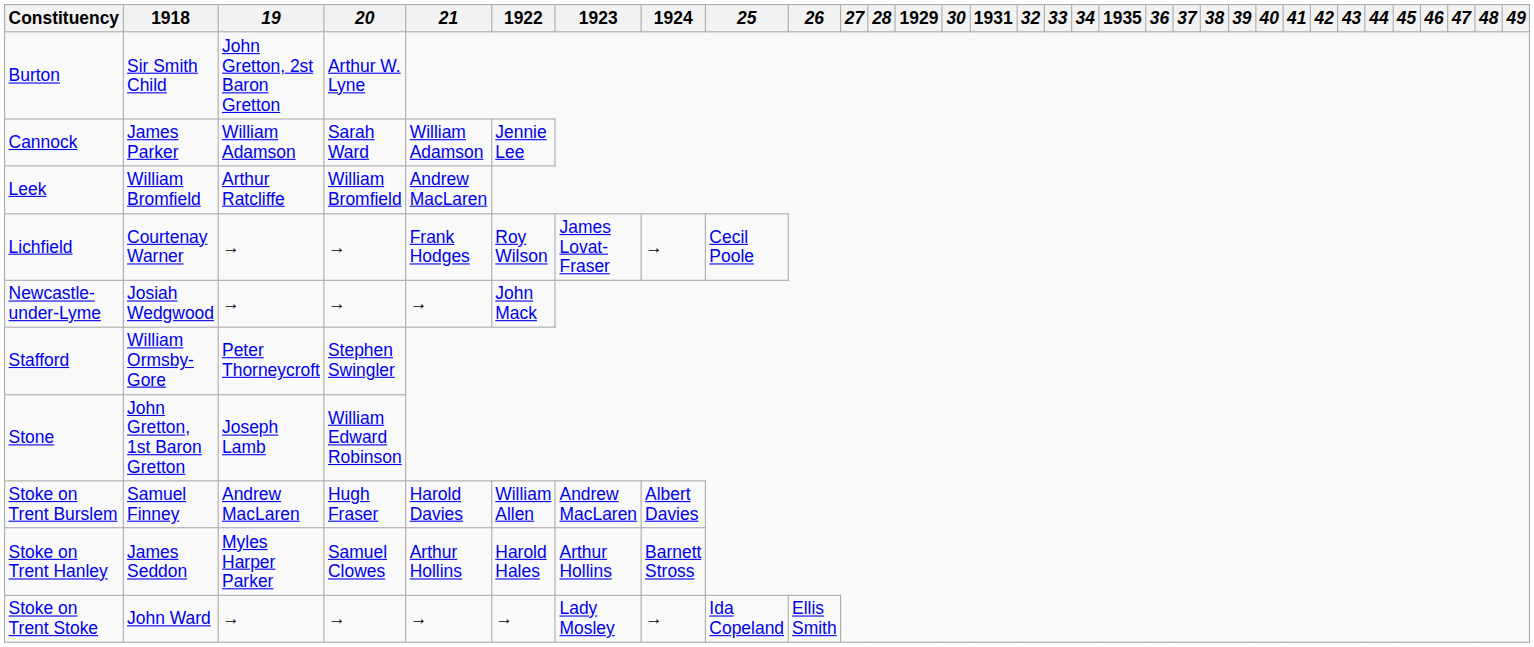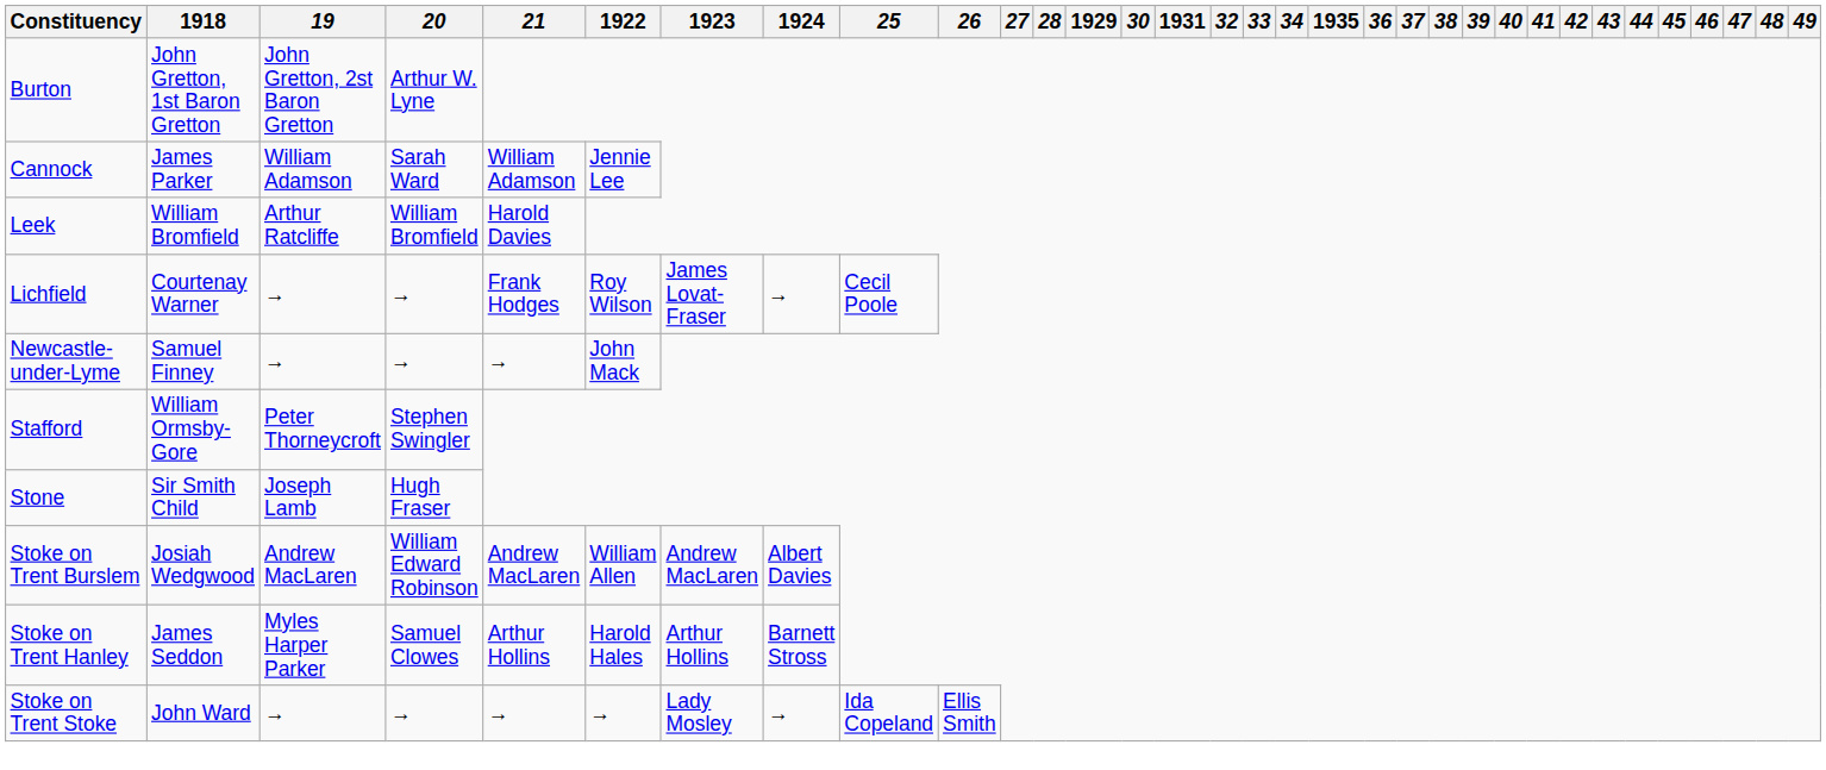 <table class="wikitable">
 <tr>
 <th>Constituency</th>
 <th>1918</th>
 <th><em>19</em></th>
 <th><em>20</em></th>
 <th><em>21</em></th>
 <th>1922</th>
 <th>1923</th>
 <th>1924</th>
 <th><em>25</em></th>
 <th><em>26</em></th>
 <th><em>27</em></th>
 <th><em>28</em></th>
 <th>1929</th>
 <th><em>30</em></th>
 <th>1931</th>
 <th><em>32</em></th>
 <th><em>33</em></th>
 <th><em>34</em></th>
 <th>1935</th>
 <th><em>36</em></th>
 <th><em>37</em></th>
 <th><em>38</em></th>
 <th><em>39</em></th>
 <th><em>40</em></th>
 <th><em>41</em></th>
 <th><em>42</em></th>
 <th><em>43</em></th>
 <th><em>44</em></th>
 <th><em>45</em></th>
 <th><em>46</em></th>
 <th><em>47</em></th>
 <th><em>48</em></th>
 <th><em>49</em></th>
 </tr>
 <tr>
 <td><a href='#'>Burton</a></td>
-<td><a href='#'>Sir Smith Child</a></td>
+<td><a href='#'>John Gretton, 1st Baron Gretton</a></td>
 <td><a href='#'>John Gretton, 2st Baron Gretton</a></td>
 <td><a href='#'>Arthur W. Lyne</a></td>
 </tr>
 <tr>
 <td><a href='#'>Cannock</a></td>
 <td><a href='#'>James Parker</a></td>
 <td><a href='#'>William Adamson</a></td>
 <td><a href='#'>Sarah Ward</a></td>
 <td><a href='#'>William Adamson</a></td>
 <td><a href='#'>Jennie Lee</a></td>
 </tr>
 <tr>
 <td><a href='#'>Leek</a></td>
 <td><a href='#'>William Bromfield</a></td>
 <td><a href='#'>Arthur Ratcliffe</a></td>
 <td><a href='#'>William Bromfield</a></td>
-<td><a href='#'>Andrew MacLaren</a></td>
+<td><a href='#'>Harold Davies</a></td>
 </tr>
 <tr>
 <td><a href='#'>Lichfield</a></td>
 <td><a href='#'>Courtenay Warner</a></td>
 <td>→</td>
 <td>→</td>
 <td><a href='#'>Frank Hodges</a></td>
 <td><a href='#'>Roy Wilson</a></td>
 <td><a href='#'>James Lovat-Fraser</a></td>
 <td>→</td>
 <td><a href='#'>Cecil Poole</a></td>
 </tr>
 <tr>
 <td><a href='#'>Newcastle-under-Lyme</a></td>
-<td><a href='#'>Josiah Wedgwood</a></td>
+<td><a href='#'>Samuel Finney</a></td>
 <td>→</td>
 <td>→</td>
 <td>→</td>
 <td><a href='#'>John Mack</a></td>
 </tr>
 <tr>
 <td><a href='#'>Stafford</a></td>
 <td><a href='#'>William Ormsby-Gore</a></td>
 <td><a href='#'>Peter Thorneycroft</a></td>
 <td><a href='#'>Stephen Swingler</a></td>
 </tr>
 <tr>
 <td><a href='#'>Stone</a></td>
-<td><a href='#'>John Gretton, 1st Baron Gretton</a></td>
+<td><a href='#'>Sir Smith Child</a></td>
 <td><a href='#'>Joseph Lamb</a></td>
-<td><a href='#'>William Edward Robinson</a></td>
+<td><a href='#'>Hugh Fraser</a></td>
 </tr>
 <tr>
 <td><a href='#'>Stoke on Trent Burslem</a></td>
-<td><a href='#'>Samuel Finney</a></td>
+<td><a href='#'>Josiah Wedgwood</a></td>
 <td><a href='#'>Andrew MacLaren</a></td>
-<td><a href='#'>Hugh Fraser</a></td>
-<td><a href='#'>Harold Davies</a></td>
+<td><a href='#'>William Edward Robinson</a></td>
+<td><a href='#'>Andrew MacLaren</a></td>
 <td><a href='#'>William Allen</a></td>
 <td><a href='#'>Andrew MacLaren</a></td>
 <td><a href='#'>Albert Davies</a></td>
 </tr>
 <tr>
 <td><a href='#'>Stoke on Trent Hanley</a></td>
 <td><a href='#'>James Seddon</a></td>
 <td><a href='#'>Myles Harper Parker</a></td>
 <td><a href='#'>Samuel Clowes</a></td>
 <td><a href='#'>Arthur Hollins</a></td>
 <td><a href='#'>Harold Hales</a></td>
 <td><a href='#'>Arthur Hollins</a></td>
 <td><a href='#'>Barnett Stross</a></td>
 </tr>
 <tr>
 <td><a href='#'>Stoke on Trent Stoke</a></td>
 <td><a href='#'>John Ward</a></td>
 <td>→</td>
 <td>→</td>
 <td>→</td>
 <td>→</td>
 <td><a href='#'>Lady Mosley</a></td>
 <td>→</td>
 <td><a href='#'>Ida Copeland</a></td>
 <td><a href='#'>Ellis Smith</a></td>
 </tr>
 </table>
